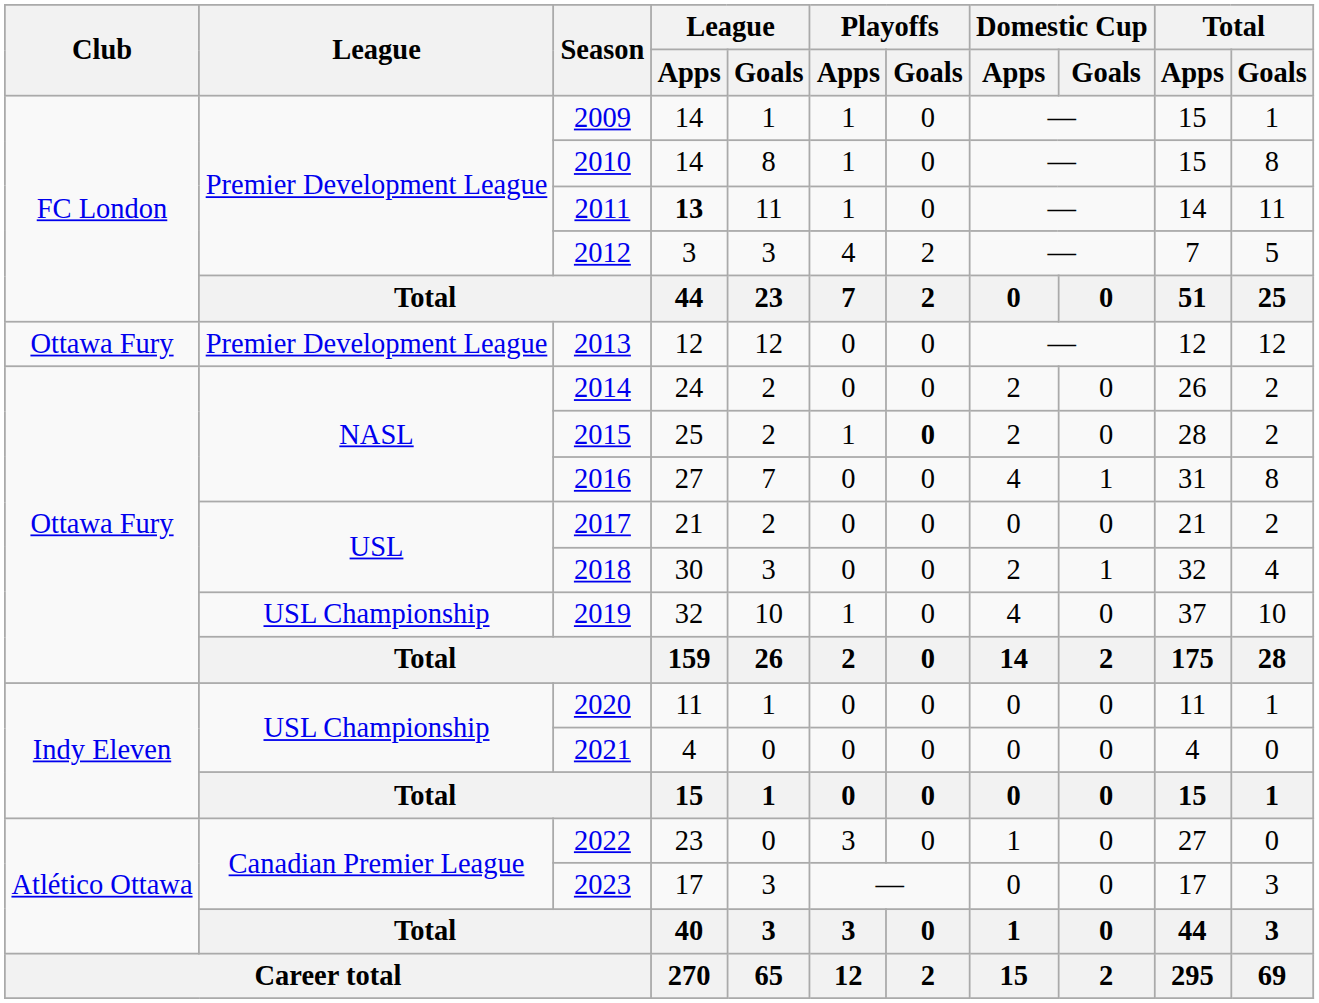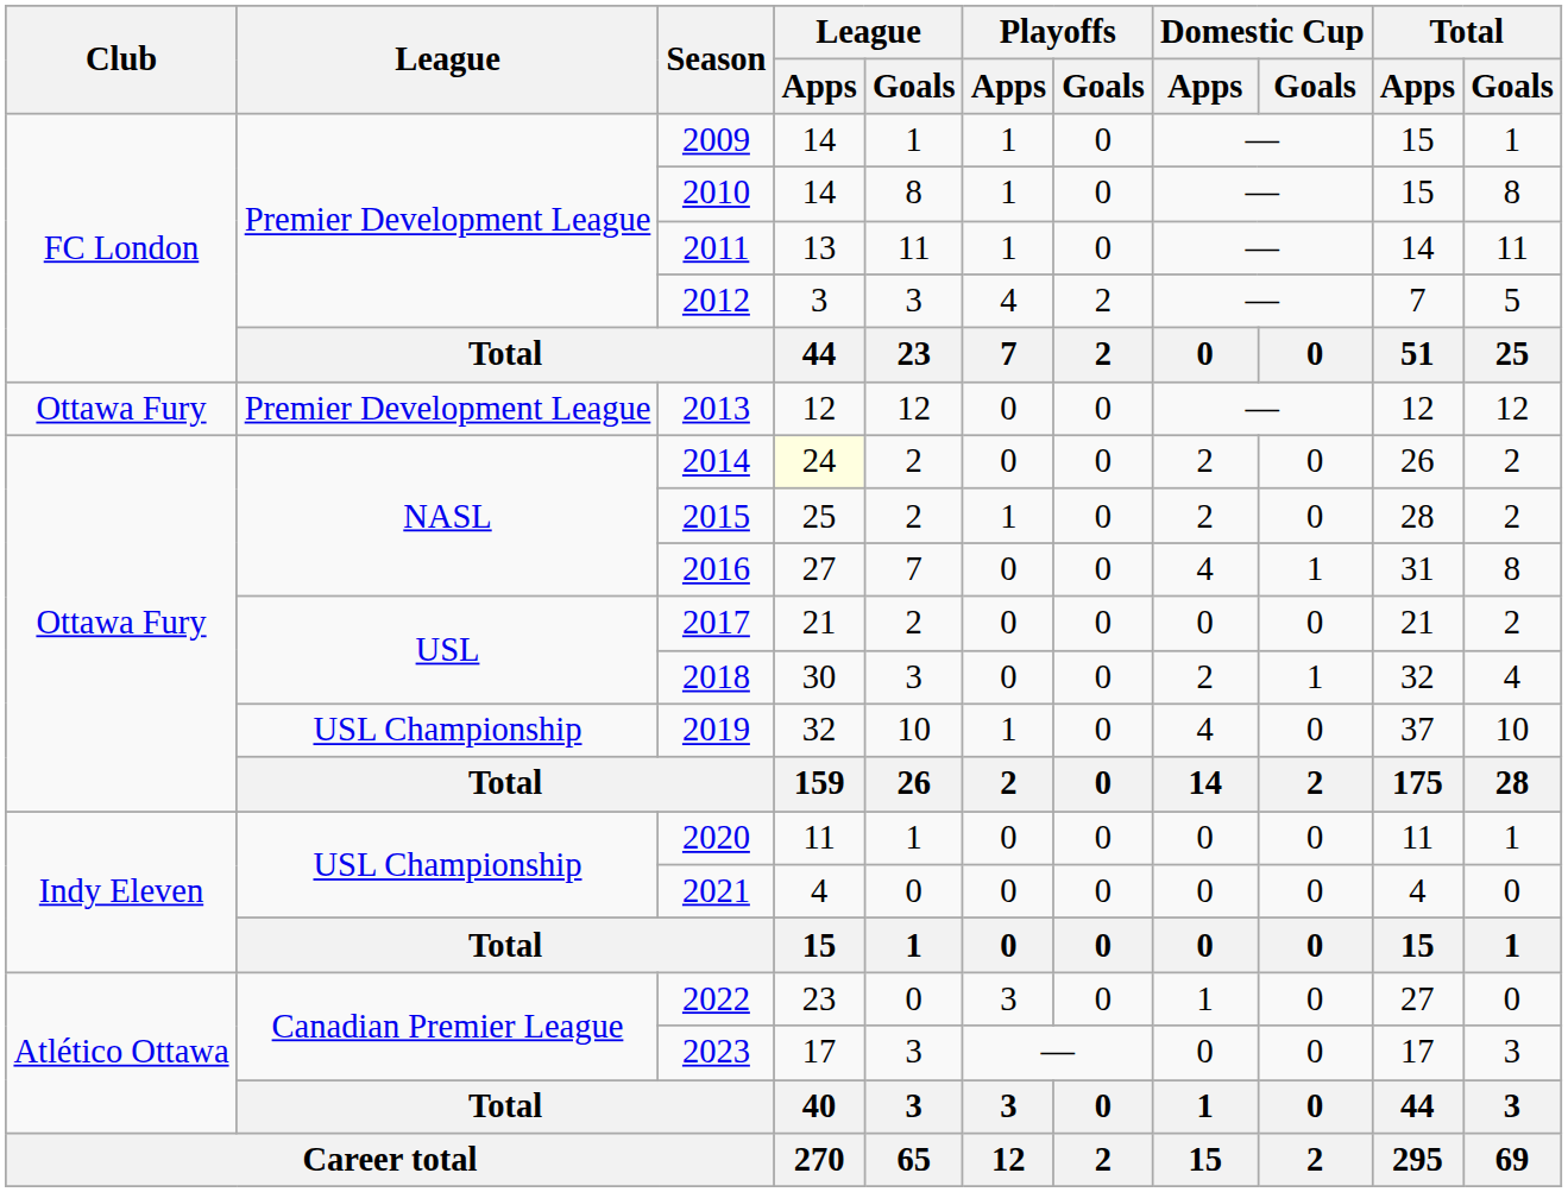 <table class="wikitable" style="text-align: center;">
 <tr>
 <th rowspan="2">Club</th>
 <th rowspan="2">League</th>
 <th rowspan="2">Season</th>
 <th colspan="2">League</th>
 <th colspan="2">Playoffs</th>
 <th colspan="2">Domestic Cup</th>
 <th colspan="2">Total</th>
 </tr>
 <tr>
 <th>Apps</th>
 <th>Goals</th>
 <th>Apps</th>
 <th>Goals</th>
 <th>Apps</th>
 <th>Goals</th>
 <th>Apps</th>
 <th>Goals</th>
 </tr>
 <tr>
 <td rowspan="5"><a href='#'>FC London</a></td>
 <td rowspan="4"><a href='#'>Premier Development League</a></td>
 <td><a href='#'>2009</a></td>
 <td>14</td>
 <td>1</td>
 <td>1</td>
 <td>0</td>
 <td colspan="2">—</td>
 <td>15</td>
 <td>1</td>
 </tr>
 <tr>
 <td><a href='#'>2010</a></td>
 <td>14</td>
 <td>8</td>
 <td>1</td>
 <td>0</td>
 <td colspan="2">—</td>
 <td>15</td>
 <td>8</td>
 </tr>
 <tr>
 <td><a href='#'>2011</a></td>
-<td><strong>13</strong></td>
+<td>13</td>
 <td>11</td>
 <td>1</td>
 <td>0</td>
 <td colspan="2">—</td>
 <td>14</td>
 <td>11</td>
 </tr>
 <tr>
 <td><a href='#'>2012</a></td>
 <td>3</td>
 <td>3</td>
 <td>4</td>
 <td>2</td>
 <td colspan="2">—</td>
 <td>7</td>
 <td>5</td>
 </tr>
 <tr>
 <th colspan="2">Total</th>
 <th>44</th>
 <th>23</th>
 <th>7</th>
 <th>2</th>
 <th>0</th>
 <th>0</th>
 <th>51</th>
 <th>25</th>
 </tr>
 <tr>
 <td><a href='#'>Ottawa Fury</a></td>
 <td><a href='#'>Premier Development League</a></td>
 <td><a href='#'>2013</a></td>
 <td>12</td>
 <td>12</td>
 <td>0</td>
 <td>0</td>
 <td colspan="2">—</td>
 <td>12</td>
 <td>12</td>
 </tr>
 <tr>
 <td rowspan="7"><a href='#'>Ottawa Fury</a></td>
 <td rowspan="3"><a href='#'>NASL</a></td>
 <td><a href='#'>2014</a></td>
-<td>24</td>
+<td style="background: lightyellow;">24</td>
 <td>2</td>
 <td>0</td>
 <td>0</td>
 <td>2</td>
 <td>0</td>
 <td>26</td>
 <td>2</td>
 </tr>
 <tr>
 <td><a href='#'>2015</a></td>
 <td>25</td>
 <td>2</td>
 <td>1</td>
-<td><strong>0</strong></td>
+<td>0</td>
 <td>2</td>
 <td>0</td>
 <td>28</td>
 <td>2</td>
 </tr>
 <tr>
 <td><a href='#'>2016</a></td>
 <td>27</td>
 <td>7</td>
 <td>0</td>
 <td>0</td>
 <td>4</td>
 <td>1</td>
 <td>31</td>
 <td>8</td>
 </tr>
 <tr>
 <td rowspan="2"><a href='#'>USL</a></td>
 <td><a href='#'>2017</a></td>
 <td>21</td>
 <td>2</td>
 <td>0</td>
 <td>0</td>
 <td>0</td>
 <td>0</td>
 <td>21</td>
 <td>2</td>
 </tr>
 <tr>
 <td><a href='#'>2018</a></td>
 <td>30</td>
 <td>3</td>
 <td>0</td>
 <td>0</td>
 <td>2</td>
 <td>1</td>
 <td>32</td>
 <td>4</td>
 </tr>
 <tr>
 <td><a href='#'>USL Championship</a></td>
 <td><a href='#'>2019</a></td>
 <td>32</td>
 <td>10</td>
 <td>1</td>
 <td>0</td>
 <td>4</td>
 <td>0</td>
 <td>37</td>
 <td>10</td>
 </tr>
 <tr>
 <th colspan="2">Total</th>
 <th>159</th>
 <th>26</th>
 <th>2</th>
 <th>0</th>
 <th>14</th>
 <th>2</th>
 <th>175</th>
 <th>28</th>
 </tr>
 <tr>
 <td rowspan="3"><a href='#'>Indy Eleven</a></td>
 <td rowspan="2"><a href='#'>USL Championship</a></td>
 <td><a href='#'>2020</a></td>
 <td>11</td>
 <td>1</td>
 <td>0</td>
 <td>0</td>
 <td>0</td>
 <td>0</td>
 <td>11</td>
 <td>1</td>
 </tr>
 <tr>
 <td><a href='#'>2021</a></td>
 <td>4</td>
 <td>0</td>
 <td>0</td>
 <td>0</td>
 <td>0</td>
 <td>0</td>
 <td>4</td>
 <td>0</td>
 </tr>
 <tr>
 <th colspan="2">Total</th>
 <th>15</th>
 <th>1</th>
 <th>0</th>
 <th>0</th>
 <th>0</th>
 <th>0</th>
 <th>15</th>
 <th>1</th>
 </tr>
 <tr>
 <td rowspan="3"><a href='#'>Atlético Ottawa</a></td>
 <td rowspan="2"><a href='#'>Canadian Premier League</a></td>
 <td><a href='#'>2022</a></td>
 <td>23</td>
 <td>0</td>
 <td>3</td>
 <td>0</td>
 <td>1</td>
 <td>0</td>
 <td>27</td>
 <td>0</td>
 </tr>
 <tr>
 <td><a href='#'>2023</a></td>
 <td>17</td>
 <td>3</td>
 <td colspan="2">—</td>
 <td>0</td>
 <td>0</td>
 <td>17</td>
 <td>3</td>
 </tr>
 <tr>
 <th colspan="2">Total</th>
 <th>40</th>
 <th>3</th>
 <th>3</th>
 <th>0</th>
 <th>1</th>
 <th>0</th>
 <th>44</th>
 <th>3</th>
 </tr>
 <tr>
 <th colspan="3">Career total</th>
 <th>270</th>
 <th>65</th>
 <th>12</th>
 <th>2</th>
 <th>15</th>
 <th>2</th>
 <th>295</th>
 <th>69</th>
 </tr>
 </table>
